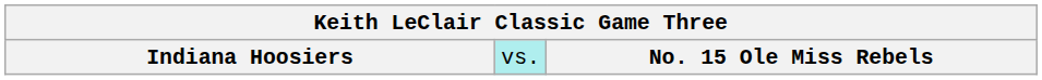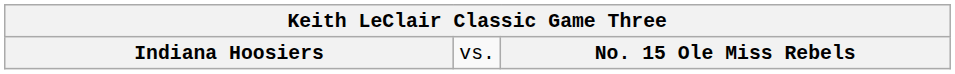 <table class="wikitable">
 <tr>
 <th style="width: 604px;" colspan=3>Keith LeClair Classic Game Three</th>
 </tr>
 <tr>
 <th style="width: 289px; ">Indiana Hoosiers</th>
-<td style="background: paleturquoise; width: 25px; text-align:center">vs.</td>
+<td style="width: 25px; text-align:center">vs.</td>
 <th style="width: 289px; ">No. 15 Ole Miss Rebels</th>
 </tr>
 </table>
